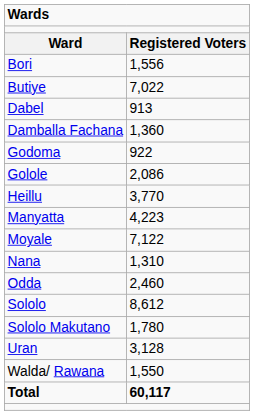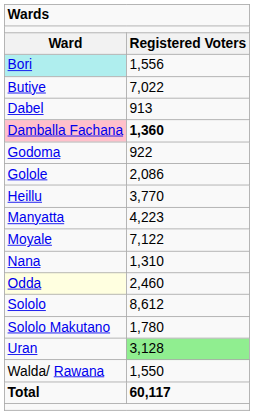 <table class="wikitable">
 <tr>
 <td colspan="2"><strong>Wards</strong></td>
 </tr>
 <tr>
 <td colspan="2"></td>
 </tr>
 <tr>
 <th>Ward</th>
 <th>Registered Voters</th>
 </tr>
 <tr>
-<td><a href='#'>Bori</a></td>
+<td style="background: paleturquoise;"><a href='#'>Bori</a></td>
 <td>1,556</td>
 </tr>
 <tr>
 <td><a href='#'>Butiye</a></td>
 <td>7,022</td>
 </tr>
 <tr>
 <td><a href='#'>Dabel</a></td>
 <td>913</td>
 </tr>
 <tr>
-<td><a href='#'>Damballa Fachana</a></td>
-<td>1,360</td>
+<td style="background: pink;"><a href='#'>Damballa Fachana</a></td>
+<td><strong>1,360</strong></td>
 </tr>
 <tr>
 <td><a href='#'>Godoma</a></td>
 <td>922</td>
 </tr>
 <tr>
 <td><a href='#'>Golole</a></td>
 <td>2,086</td>
 </tr>
 <tr>
 <td><a href='#'>Heillu</a></td>
 <td>3,770</td>
 </tr>
 <tr>
 <td><a href='#'>Manyatta</a></td>
 <td>4,223</td>
 </tr>
 <tr>
 <td><a href='#'>Moyale</a></td>
 <td>7,122</td>
 </tr>
 <tr>
 <td><a href='#'>Nana</a></td>
 <td>1,310</td>
 </tr>
 <tr>
-<td><a href='#'>Odda</a></td>
+<td style="background: lightyellow;"><a href='#'>Odda</a></td>
 <td>2,460</td>
 </tr>
 <tr>
 <td><a href='#'>Sololo</a></td>
 <td>8,612</td>
 </tr>
 <tr>
 <td><a href='#'>Sololo Makutano</a></td>
 <td>1,780</td>
 </tr>
 <tr>
 <td><a href='#'>Uran</a></td>
-<td>3,128</td>
+<td style="background: lightgreen;">3,128</td>
 </tr>
 <tr>
 <td>Walda/ <a href='#'>Rawana</a></td>
 <td>1,550</td>
 </tr>
 <tr>
 <td><strong>Total</strong></td>
 <td><strong>60,117</strong></td>
 </tr>
 <tr>
 <td colspan="2"></td>
 </tr>
 </table>
